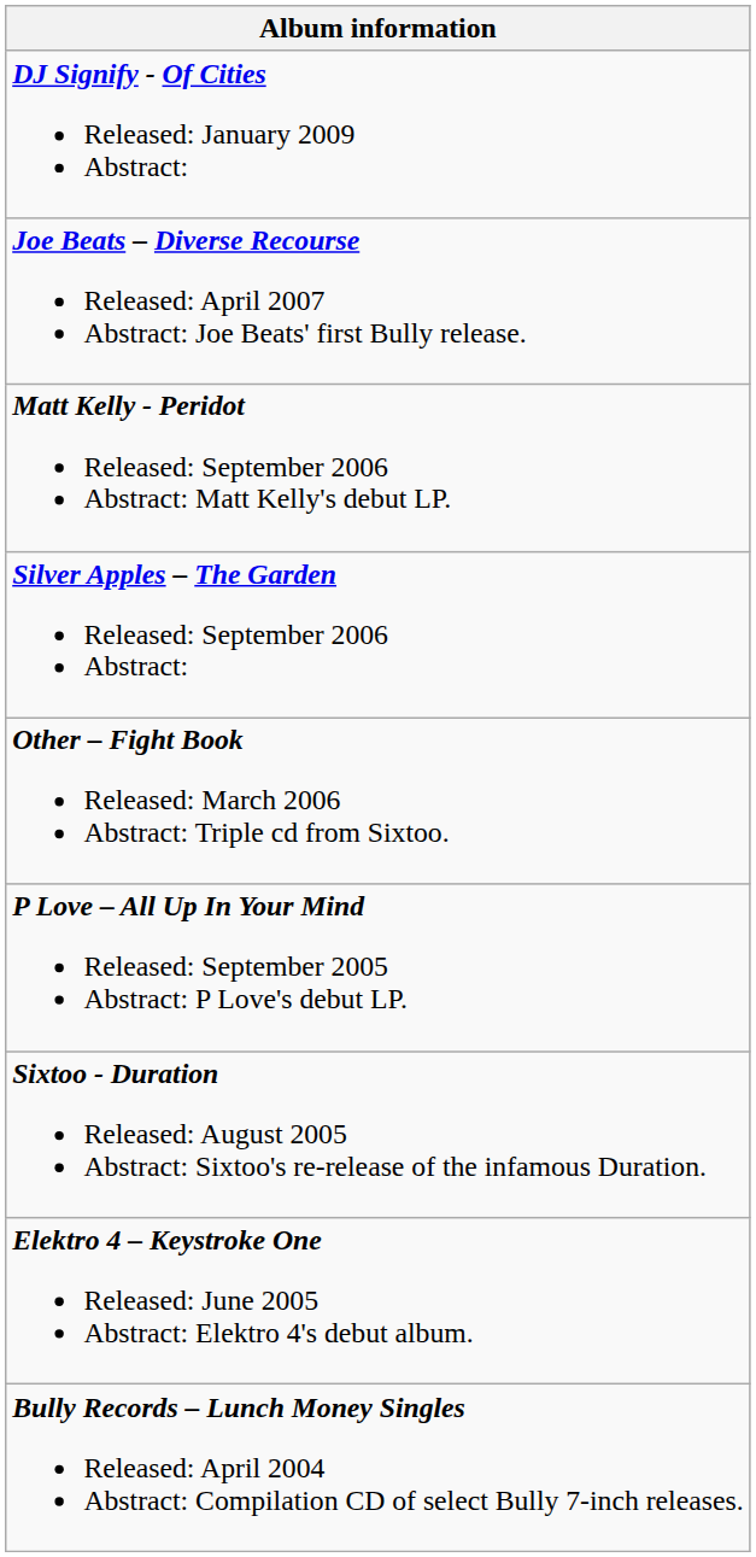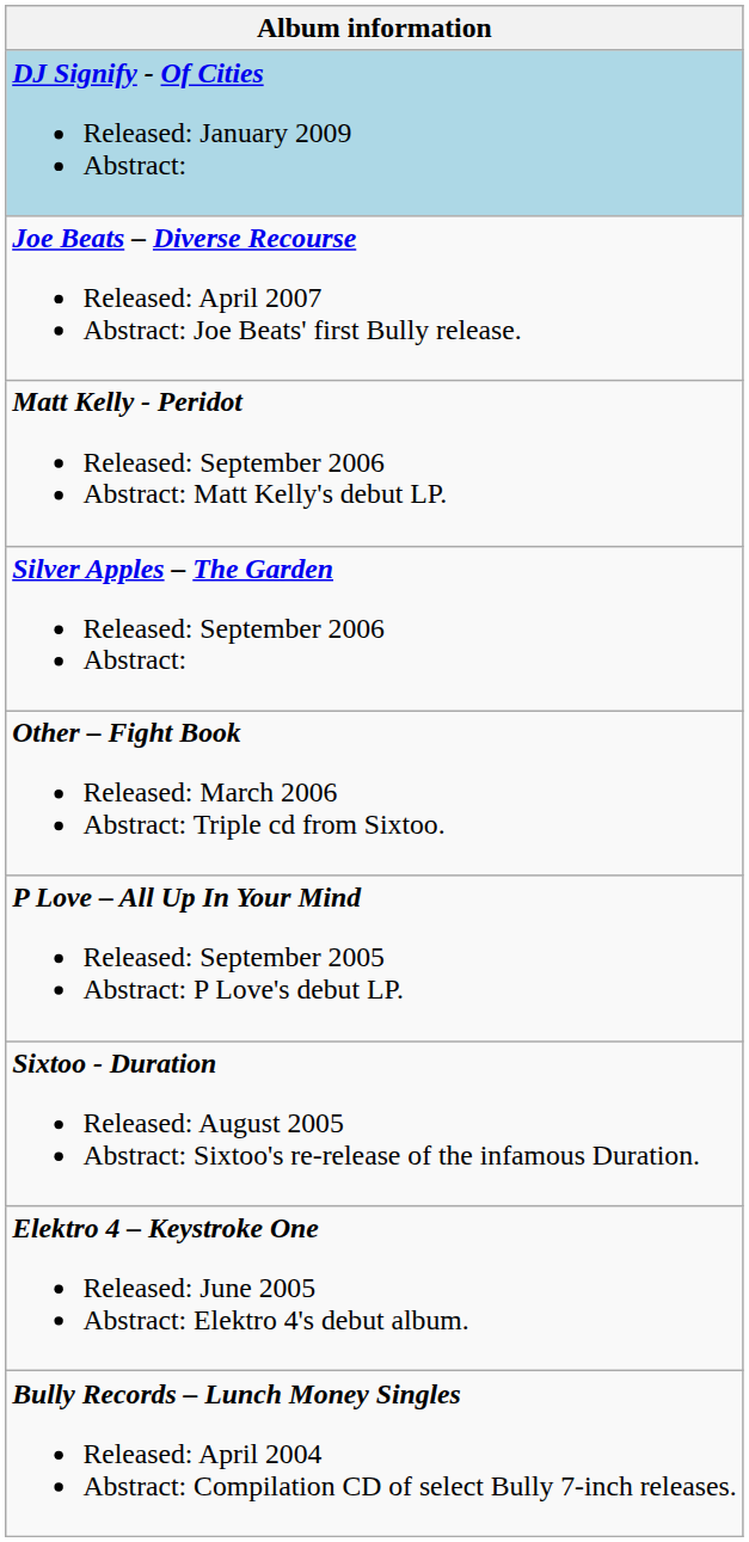 <table class="wikitable">
 <tr>
 <th align="left">Album information</th>
 </tr>
 <tr>
-<td align="left"><strong><em><a href='#'>DJ Signify</a> - <a href='#'>Of Cities</a></em></strong><br><ul><li>Released:  January 2009</li><li>Abstract:</li></ul></td>
+<td align="left" style="background: lightblue;"><strong><em><a href='#'>DJ Signify</a> - <a href='#'>Of Cities</a></em></strong><br><ul><li>Released:  January 2009</li><li>Abstract:</li></ul></td>
 </tr>
 <tr>
 <td align="left"><strong><em><a href='#'>Joe Beats</a> – <a href='#'>Diverse Recourse</a></em></strong><br><ul><li>Released:  April 2007</li><li>Abstract:  Joe Beats' first Bully release.</li></ul></td>
 </tr>
 <tr>
 <td align="left"><strong><em>Matt Kelly - Peridot</em></strong><br><ul><li>Released: September 2006</li><li>Abstract:  Matt Kelly's debut LP.</li></ul></td>
 </tr>
 <tr>
 <td align="left"><strong><em><a href='#'>Silver Apples</a> – <a href='#'>The Garden</a></em></strong><br><ul><li>Released: September 2006</li><li>Abstract:</li></ul></td>
 </tr>
 <tr>
 <td align="left"><strong><em>Other – Fight Book</em></strong><br><ul><li>Released: March 2006</li><li>Abstract:  Triple cd from Sixtoo.</li></ul></td>
 </tr>
 <tr>
 <td align="left"><strong><em>P Love – All Up In Your Mind</em></strong><br><ul><li>Released:  September 2005</li><li>Abstract:  P Love's debut LP.</li></ul></td>
 </tr>
 <tr>
 <td align="left"><strong><em>Sixtoo - Duration</em></strong><br><ul><li>Released: August 2005</li><li>Abstract:  Sixtoo's re-release of the infamous Duration.</li></ul></td>
 </tr>
 <tr>
 <td align="left"><strong><em>Elektro 4 – Keystroke One</em></strong><br><ul><li>Released: June 2005</li><li>Abstract:  Elektro 4's debut album.</li></ul></td>
 </tr>
 <tr>
 <td align="left"><strong><em>Bully Records – Lunch Money Singles</em></strong><br><ul><li>Released: April 2004</li><li>Abstract:  Compilation CD of select Bully 7-inch releases.</li></ul></td>
 </tr>
 </table>
